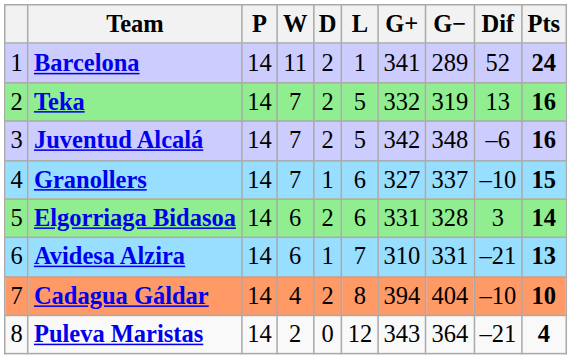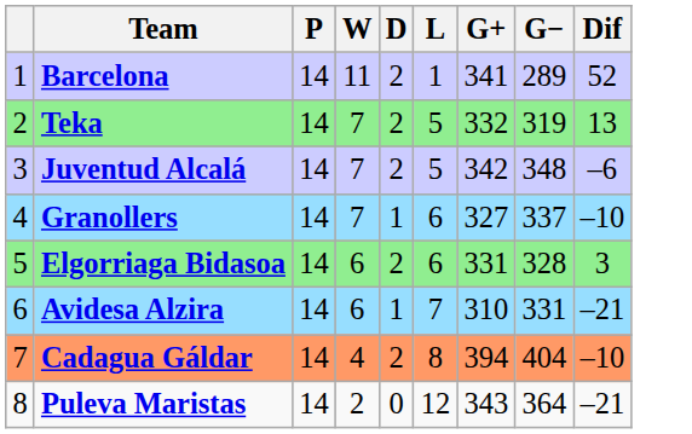 <table class="wikitable sortable" style="text-align: center;">
 <tr>
 <th align="center"></th>
 <th align="center">Team</th>
 <th align="center">P</th>
 <th align="center">W</th>
 <th align="center">D</th>
 <th align="center">L</th>
 <th align="center">G+</th>
 <th align="center">G−</th>
 <th align="center">Dif</th>
-<th align="center">Pts</th>
 </tr>
 <tr style="background: #ccccff;">
 <td>1</td>
 <td align="left"><strong><a href='#'>Barcelona</a></strong></td>
 <td>14</td>
 <td>11</td>
 <td>2</td>
 <td>1</td>
 <td>341</td>
 <td>289</td>
 <td>52</td>
-<td><strong>24</strong></td>
 </tr>
 <tr style="background: #90EE90;">
 <td>2</td>
 <td align="left"><strong><a href='#'>Teka</a></strong></td>
 <td>14</td>
 <td>7</td>
 <td>2</td>
 <td>5</td>
 <td>332</td>
 <td>319</td>
 <td>13</td>
-<td><strong>16</strong></td>
 </tr>
 <tr style="background: #ccccff;">
 <td>3</td>
 <td align="left"><strong><a href='#'>Juventud Alcalá</a></strong></td>
 <td>14</td>
 <td>7</td>
 <td>2</td>
 <td>5</td>
 <td>342</td>
 <td>348</td>
 <td>–6</td>
-<td><strong>16</strong></td>
 </tr>
 <tr style="background: #97DEFF;">
 <td>4</td>
 <td align="left"><strong><a href='#'>Granollers</a></strong></td>
 <td>14</td>
 <td>7</td>
 <td>1</td>
 <td>6</td>
 <td>327</td>
 <td>337</td>
 <td>–10</td>
-<td><strong>15</strong></td>
 </tr>
 <tr style="background: #90EE90;">
 <td>5</td>
 <td align="left"><strong><a href='#'>Elgorriaga Bidasoa</a></strong></td>
 <td>14</td>
 <td>6</td>
 <td>2</td>
 <td>6</td>
 <td>331</td>
 <td>328</td>
 <td>3</td>
-<td><strong>14</strong></td>
 </tr>
 <tr style="background: #97DEFF;">
 <td>6</td>
 <td align="left"><strong><a href='#'>Avidesa Alzira</a></strong></td>
 <td>14</td>
 <td>6</td>
 <td>1</td>
 <td>7</td>
 <td>310</td>
 <td>331</td>
 <td>–21</td>
-<td><strong>13</strong></td>
 </tr>
 <tr style="background: #FF9966;">
 <td>7</td>
 <td align="left"><strong><a href='#'>Cadagua Gáldar</a></strong></td>
 <td>14</td>
 <td>4</td>
 <td>2</td>
 <td>8</td>
 <td>394</td>
 <td>404</td>
 <td>–10</td>
-<td><strong>10</strong></td>
 </tr>
 <tr style="background:">
 <td>8</td>
 <td align="left"><strong><a href='#'>Puleva Maristas</a></strong></td>
 <td>14</td>
 <td>2</td>
 <td>0</td>
 <td>12</td>
 <td>343</td>
 <td>364</td>
 <td>–21</td>
-<td><strong>4</strong></td>
 </tr>
 </table>
